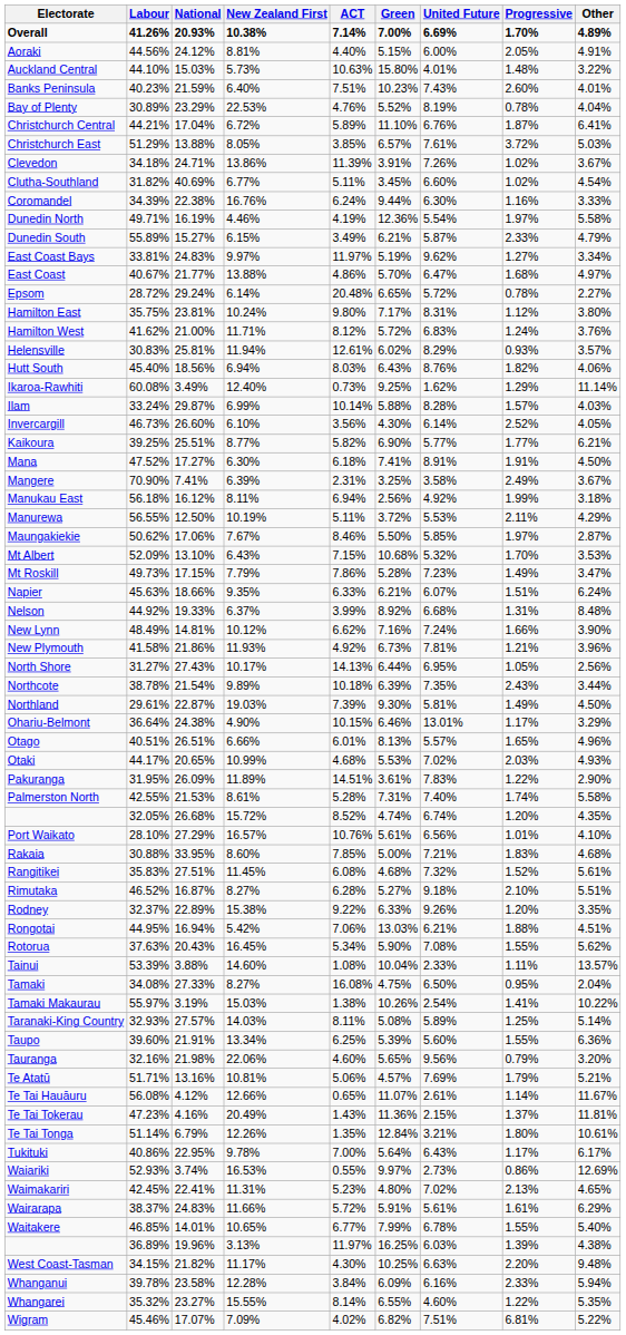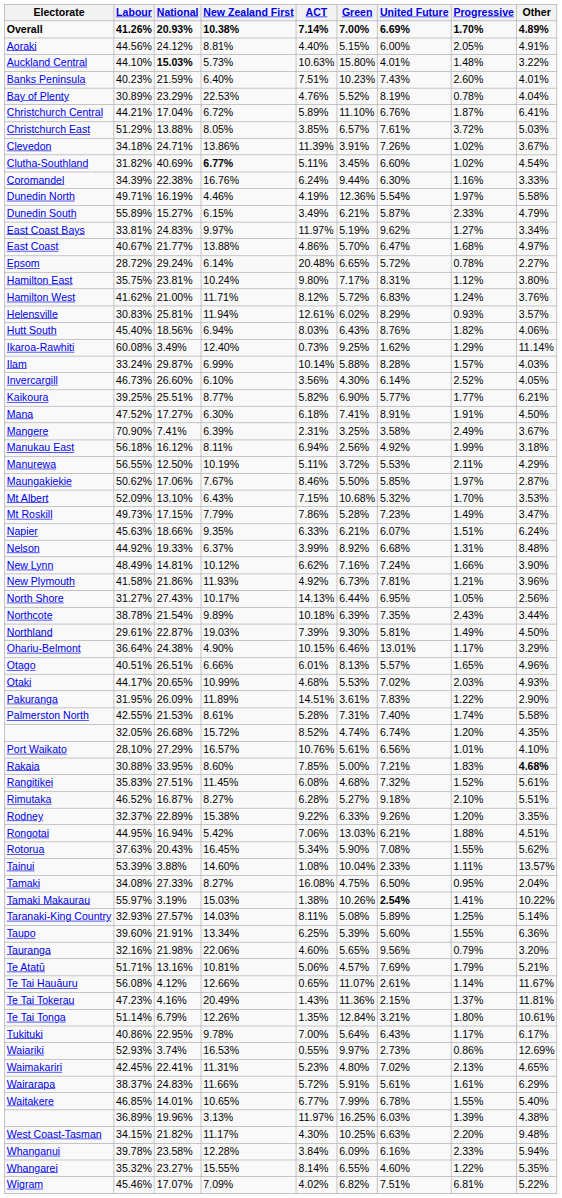 <table class="wikitable sortable">
 <tr>
 <th>Electorate</th>
 <th><a href='#'>Labour</a></th>
 <th><a href='#'>National</a></th>
 <th><a href='#'>New Zealand First</a></th>
 <th><a href='#'>ACT</a></th>
 <th><a href='#'>Green</a></th>
 <th><a href='#'>United Future</a></th>
 <th><a href='#'>Progressive</a></th>
 <th>Other</th>
 </tr>
 <tr>
 <td><strong>Overall</strong></td>
 <td><strong>41.26%</strong></td>
 <td><strong>20.93%</strong></td>
 <td><strong>10.38%</strong></td>
 <td><strong>7.14%</strong></td>
 <td><strong>7.00%</strong></td>
 <td><strong>6.69%</strong></td>
 <td><strong>1.70%</strong></td>
 <td><strong>4.89%</strong></td>
 </tr>
 <tr>
 <td><a href='#'>Aoraki</a></td>
 <td>44.56%</td>
 <td>24.12%</td>
 <td>8.81%</td>
 <td>4.40%</td>
 <td>5.15%</td>
 <td>6.00%</td>
 <td>2.05%</td>
 <td>4.91%</td>
 </tr>
 <tr>
 <td><a href='#'>Auckland Central</a></td>
 <td>44.10%</td>
-<td>15.03%</td>
+<td><strong>15.03%</strong></td>
 <td>5.73%</td>
 <td>10.63%</td>
 <td>15.80%</td>
 <td>4.01%</td>
 <td>1.48%</td>
 <td>3.22%</td>
 </tr>
 <tr>
 <td><a href='#'>Banks Peninsula</a></td>
 <td>40.23%</td>
 <td>21.59%</td>
 <td>6.40%</td>
 <td>7.51%</td>
 <td>10.23%</td>
 <td>7.43%</td>
 <td>2.60%</td>
 <td>4.01%</td>
 </tr>
 <tr>
 <td><a href='#'>Bay of Plenty</a></td>
 <td>30.89%</td>
 <td>23.29%</td>
 <td>22.53%</td>
 <td>4.76%</td>
 <td>5.52%</td>
 <td>8.19%</td>
 <td>0.78%</td>
 <td>4.04%</td>
 </tr>
 <tr>
 <td><a href='#'>Christchurch Central</a></td>
 <td>44.21%</td>
 <td>17.04%</td>
 <td>6.72%</td>
 <td>5.89%</td>
 <td>11.10%</td>
 <td>6.76%</td>
 <td>1.87%</td>
 <td>6.41%</td>
 </tr>
 <tr>
 <td><a href='#'>Christchurch East</a></td>
 <td>51.29%</td>
 <td>13.88%</td>
 <td>8.05%</td>
 <td>3.85%</td>
 <td>6.57%</td>
 <td>7.61%</td>
 <td>3.72%</td>
 <td>5.03%</td>
 </tr>
 <tr>
 <td><a href='#'>Clevedon</a></td>
 <td>34.18%</td>
 <td>24.71%</td>
 <td>13.86%</td>
 <td>11.39%</td>
 <td>3.91%</td>
 <td>7.26%</td>
 <td>1.02%</td>
 <td>3.67%</td>
 </tr>
 <tr>
 <td><a href='#'>Clutha-Southland</a></td>
 <td>31.82%</td>
 <td>40.69%</td>
-<td>6.77%</td>
+<td><strong>6.77%</strong></td>
 <td>5.11%</td>
 <td>3.45%</td>
 <td>6.60%</td>
 <td>1.02%</td>
 <td>4.54%</td>
 </tr>
 <tr>
 <td><a href='#'>Coromandel</a></td>
 <td>34.39%</td>
 <td>22.38%</td>
 <td>16.76%</td>
 <td>6.24%</td>
 <td>9.44%</td>
 <td>6.30%</td>
 <td>1.16%</td>
 <td>3.33%</td>
 </tr>
 <tr>
 <td><a href='#'>Dunedin North</a></td>
 <td>49.71%</td>
 <td>16.19%</td>
 <td>4.46%</td>
 <td>4.19%</td>
 <td>12.36%</td>
 <td>5.54%</td>
 <td>1.97%</td>
 <td>5.58%</td>
 </tr>
 <tr>
 <td><a href='#'>Dunedin South</a></td>
 <td>55.89%</td>
 <td>15.27%</td>
 <td>6.15%</td>
 <td>3.49%</td>
 <td>6.21%</td>
 <td>5.87%</td>
 <td>2.33%</td>
 <td>4.79%</td>
 </tr>
 <tr>
 <td><a href='#'>East Coast Bays</a></td>
 <td>33.81%</td>
 <td>24.83%</td>
 <td>9.97%</td>
 <td>11.97%</td>
 <td>5.19%</td>
 <td>9.62%</td>
 <td>1.27%</td>
 <td>3.34%</td>
 </tr>
 <tr>
 <td><a href='#'>East Coast</a></td>
 <td>40.67%</td>
 <td>21.77%</td>
 <td>13.88%</td>
 <td>4.86%</td>
 <td>5.70%</td>
 <td>6.47%</td>
 <td>1.68%</td>
 <td>4.97%</td>
 </tr>
 <tr>
 <td><a href='#'>Epsom</a></td>
 <td>28.72%</td>
 <td>29.24%</td>
 <td>6.14%</td>
 <td>20.48%</td>
 <td>6.65%</td>
 <td>5.72%</td>
 <td>0.78%</td>
 <td>2.27%</td>
 </tr>
 <tr>
 <td><a href='#'>Hamilton East</a></td>
 <td>35.75%</td>
 <td>23.81%</td>
 <td>10.24%</td>
 <td>9.80%</td>
 <td>7.17%</td>
 <td>8.31%</td>
 <td>1.12%</td>
 <td>3.80%</td>
 </tr>
 <tr>
 <td><a href='#'>Hamilton West</a></td>
 <td>41.62%</td>
 <td>21.00%</td>
 <td>11.71%</td>
 <td>8.12%</td>
 <td>5.72%</td>
 <td>6.83%</td>
 <td>1.24%</td>
 <td>3.76%</td>
 </tr>
 <tr>
 <td><a href='#'>Helensville</a></td>
 <td>30.83%</td>
 <td>25.81%</td>
 <td>11.94%</td>
 <td>12.61%</td>
 <td>6.02%</td>
 <td>8.29%</td>
 <td>0.93%</td>
 <td>3.57%</td>
 </tr>
 <tr>
 <td><a href='#'>Hutt South</a></td>
 <td>45.40%</td>
 <td>18.56%</td>
 <td>6.94%</td>
 <td>8.03%</td>
 <td>6.43%</td>
 <td>8.76%</td>
 <td>1.82%</td>
 <td>4.06%</td>
 </tr>
 <tr>
 <td><a href='#'>Ikaroa-Rawhiti</a></td>
 <td>60.08%</td>
 <td>3.49%</td>
 <td>12.40%</td>
 <td>0.73%</td>
 <td>9.25%</td>
 <td>1.62%</td>
 <td>1.29%</td>
 <td>11.14%</td>
 </tr>
 <tr>
 <td><a href='#'>Ilam</a></td>
 <td>33.24%</td>
 <td>29.87%</td>
 <td>6.99%</td>
 <td>10.14%</td>
 <td>5.88%</td>
 <td>8.28%</td>
 <td>1.57%</td>
 <td>4.03%</td>
 </tr>
 <tr>
 <td><a href='#'>Invercargill</a></td>
 <td>46.73%</td>
 <td>26.60%</td>
 <td>6.10%</td>
 <td>3.56%</td>
 <td>4.30%</td>
 <td>6.14%</td>
 <td>2.52%</td>
 <td>4.05%</td>
 </tr>
 <tr>
 <td><a href='#'>Kaikoura</a></td>
 <td>39.25%</td>
 <td>25.51%</td>
 <td>8.77%</td>
 <td>5.82%</td>
 <td>6.90%</td>
 <td>5.77%</td>
 <td>1.77%</td>
 <td>6.21%</td>
 </tr>
 <tr>
 <td><a href='#'>Mana</a></td>
 <td>47.52%</td>
 <td>17.27%</td>
 <td>6.30%</td>
 <td>6.18%</td>
 <td>7.41%</td>
 <td>8.91%</td>
 <td>1.91%</td>
 <td>4.50%</td>
 </tr>
 <tr>
 <td><a href='#'>Mangere</a></td>
 <td>70.90%</td>
 <td>7.41%</td>
 <td>6.39%</td>
 <td>2.31%</td>
 <td>3.25%</td>
 <td>3.58%</td>
 <td>2.49%</td>
 <td>3.67%</td>
 </tr>
 <tr>
 <td><a href='#'>Manukau East</a></td>
 <td>56.18%</td>
 <td>16.12%</td>
 <td>8.11%</td>
 <td>6.94%</td>
 <td>2.56%</td>
 <td>4.92%</td>
 <td>1.99%</td>
 <td>3.18%</td>
 </tr>
 <tr>
 <td><a href='#'>Manurewa</a></td>
 <td>56.55%</td>
 <td>12.50%</td>
 <td>10.19%</td>
 <td>5.11%</td>
 <td>3.72%</td>
 <td>5.53%</td>
 <td>2.11%</td>
 <td>4.29%</td>
 </tr>
 <tr>
 <td><a href='#'>Maungakiekie</a></td>
 <td>50.62%</td>
 <td>17.06%</td>
 <td>7.67%</td>
 <td>8.46%</td>
 <td>5.50%</td>
 <td>5.85%</td>
 <td>1.97%</td>
 <td>2.87%</td>
 </tr>
 <tr>
 <td><a href='#'>Mt Albert</a></td>
 <td>52.09%</td>
 <td>13.10%</td>
 <td>6.43%</td>
 <td>7.15%</td>
 <td>10.68%</td>
 <td>5.32%</td>
 <td>1.70%</td>
 <td>3.53%</td>
 </tr>
 <tr>
 <td><a href='#'>Mt Roskill</a></td>
 <td>49.73%</td>
 <td>17.15%</td>
 <td>7.79%</td>
 <td>7.86%</td>
 <td>5.28%</td>
 <td>7.23%</td>
 <td>1.49%</td>
 <td>3.47%</td>
 </tr>
 <tr>
 <td><a href='#'>Napier</a></td>
 <td>45.63%</td>
 <td>18.66%</td>
 <td>9.35%</td>
 <td>6.33%</td>
 <td>6.21%</td>
 <td>6.07%</td>
 <td>1.51%</td>
 <td>6.24%</td>
 </tr>
 <tr>
 <td><a href='#'>Nelson</a></td>
 <td>44.92%</td>
 <td>19.33%</td>
 <td>6.37%</td>
 <td>3.99%</td>
 <td>8.92%</td>
 <td>6.68%</td>
 <td>1.31%</td>
 <td>8.48%</td>
 </tr>
 <tr>
 <td><a href='#'>New Lynn</a></td>
 <td>48.49%</td>
 <td>14.81%</td>
 <td>10.12%</td>
 <td>6.62%</td>
 <td>7.16%</td>
 <td>7.24%</td>
 <td>1.66%</td>
 <td>3.90%</td>
 </tr>
 <tr>
 <td><a href='#'>New Plymouth</a></td>
 <td>41.58%</td>
 <td>21.86%</td>
 <td>11.93%</td>
 <td>4.92%</td>
 <td>6.73%</td>
 <td>7.81%</td>
 <td>1.21%</td>
 <td>3.96%</td>
 </tr>
 <tr>
 <td><a href='#'>North Shore</a></td>
 <td>31.27%</td>
 <td>27.43%</td>
 <td>10.17%</td>
 <td>14.13%</td>
 <td>6.44%</td>
 <td>6.95%</td>
 <td>1.05%</td>
 <td>2.56%</td>
 </tr>
 <tr>
 <td><a href='#'>Northcote</a></td>
 <td>38.78%</td>
 <td>21.54%</td>
 <td>9.89%</td>
 <td>10.18%</td>
 <td>6.39%</td>
 <td>7.35%</td>
 <td>2.43%</td>
 <td>3.44%</td>
 </tr>
 <tr>
 <td><a href='#'>Northland</a></td>
 <td>29.61%</td>
 <td>22.87%</td>
 <td>19.03%</td>
 <td>7.39%</td>
 <td>9.30%</td>
 <td>5.81%</td>
 <td>1.49%</td>
 <td>4.50%</td>
 </tr>
 <tr>
 <td><a href='#'>Ohariu-Belmont</a></td>
 <td>36.64%</td>
 <td>24.38%</td>
 <td>4.90%</td>
 <td>10.15%</td>
 <td>6.46%</td>
 <td>13.01%</td>
 <td>1.17%</td>
 <td>3.29%</td>
 </tr>
 <tr>
 <td><a href='#'>Otago</a></td>
 <td>40.51%</td>
 <td>26.51%</td>
 <td>6.66%</td>
 <td>6.01%</td>
 <td>8.13%</td>
 <td>5.57%</td>
 <td>1.65%</td>
 <td>4.96%</td>
 </tr>
 <tr>
 <td><a href='#'>Otaki</a></td>
 <td>44.17%</td>
 <td>20.65%</td>
 <td>10.99%</td>
 <td>4.68%</td>
 <td>5.53%</td>
 <td>7.02%</td>
 <td>2.03%</td>
 <td>4.93%</td>
 </tr>
 <tr>
 <td><a href='#'>Pakuranga</a></td>
 <td>31.95%</td>
 <td>26.09%</td>
 <td>11.89%</td>
 <td>14.51%</td>
 <td>3.61%</td>
 <td>7.83%</td>
 <td>1.22%</td>
 <td>2.90%</td>
 </tr>
 <tr>
 <td><a href='#'>Palmerston North</a></td>
 <td>42.55%</td>
 <td>21.53%</td>
 <td>8.61%</td>
 <td>5.28%</td>
 <td>7.31%</td>
 <td>7.40%</td>
 <td>1.74%</td>
 <td>5.58%</td>
 </tr>
 <tr>
 <td></td>
 <td>32.05%</td>
 <td>26.68%</td>
 <td>15.72%</td>
 <td>8.52%</td>
 <td>4.74%</td>
 <td>6.74%</td>
 <td>1.20%</td>
 <td>4.35%</td>
 </tr>
 <tr>
 <td><a href='#'>Port Waikato</a></td>
 <td>28.10%</td>
 <td>27.29%</td>
 <td>16.57%</td>
 <td>10.76%</td>
 <td>5.61%</td>
 <td>6.56%</td>
 <td>1.01%</td>
 <td>4.10%</td>
 </tr>
 <tr>
 <td><a href='#'>Rakaia</a></td>
 <td>30.88%</td>
 <td>33.95%</td>
 <td>8.60%</td>
 <td>7.85%</td>
 <td>5.00%</td>
 <td>7.21%</td>
 <td>1.83%</td>
-<td>4.68%</td>
+<td><strong>4.68%</strong></td>
 </tr>
 <tr>
 <td><a href='#'>Rangitikei</a></td>
 <td>35.83%</td>
 <td>27.51%</td>
 <td>11.45%</td>
 <td>6.08%</td>
 <td>4.68%</td>
 <td>7.32%</td>
 <td>1.52%</td>
 <td>5.61%</td>
 </tr>
 <tr>
 <td><a href='#'>Rimutaka</a></td>
 <td>46.52%</td>
 <td>16.87%</td>
 <td>8.27%</td>
 <td>6.28%</td>
 <td>5.27%</td>
 <td>9.18%</td>
 <td>2.10%</td>
 <td>5.51%</td>
 </tr>
 <tr>
 <td><a href='#'>Rodney</a></td>
 <td>32.37%</td>
 <td>22.89%</td>
 <td>15.38%</td>
 <td>9.22%</td>
 <td>6.33%</td>
 <td>9.26%</td>
 <td>1.20%</td>
 <td>3.35%</td>
 </tr>
 <tr>
 <td><a href='#'>Rongotai</a></td>
 <td>44.95%</td>
 <td>16.94%</td>
 <td>5.42%</td>
 <td>7.06%</td>
 <td>13.03%</td>
 <td>6.21%</td>
 <td>1.88%</td>
 <td>4.51%</td>
 </tr>
 <tr>
 <td><a href='#'>Rotorua</a></td>
 <td>37.63%</td>
 <td>20.43%</td>
 <td>16.45%</td>
 <td>5.34%</td>
 <td>5.90%</td>
 <td>7.08%</td>
 <td>1.55%</td>
 <td>5.62%</td>
 </tr>
 <tr>
 <td><a href='#'>Tainui</a></td>
 <td>53.39%</td>
 <td>3.88%</td>
 <td>14.60%</td>
 <td>1.08%</td>
 <td>10.04%</td>
 <td>2.33%</td>
 <td>1.11%</td>
 <td>13.57%</td>
 </tr>
 <tr>
 <td><a href='#'>Tamaki</a></td>
 <td>34.08%</td>
 <td>27.33%</td>
 <td>8.27%</td>
 <td>16.08%</td>
 <td>4.75%</td>
 <td>6.50%</td>
 <td>0.95%</td>
 <td>2.04%</td>
 </tr>
 <tr>
 <td><a href='#'>Tamaki Makaurau</a></td>
 <td>55.97%</td>
 <td>3.19%</td>
 <td>15.03%</td>
 <td>1.38%</td>
 <td>10.26%</td>
-<td>2.54%</td>
+<td><strong>2.54%</strong></td>
 <td>1.41%</td>
 <td>10.22%</td>
 </tr>
 <tr>
 <td><a href='#'>Taranaki-King Country</a></td>
 <td>32.93%</td>
 <td>27.57%</td>
 <td>14.03%</td>
 <td>8.11%</td>
 <td>5.08%</td>
 <td>5.89%</td>
 <td>1.25%</td>
 <td>5.14%</td>
 </tr>
 <tr>
 <td><a href='#'>Taupo</a></td>
 <td>39.60%</td>
 <td>21.91%</td>
 <td>13.34%</td>
 <td>6.25%</td>
 <td>5.39%</td>
 <td>5.60%</td>
 <td>1.55%</td>
 <td>6.36%</td>
 </tr>
 <tr>
 <td><a href='#'>Tauranga</a></td>
 <td>32.16%</td>
 <td>21.98%</td>
 <td>22.06%</td>
 <td>4.60%</td>
 <td>5.65%</td>
 <td>9.56%</td>
 <td>0.79%</td>
 <td>3.20%</td>
 </tr>
 <tr>
 <td><a href='#'>Te Atatū</a></td>
 <td>51.71%</td>
 <td>13.16%</td>
 <td>10.81%</td>
 <td>5.06%</td>
 <td>4.57%</td>
 <td>7.69%</td>
 <td>1.79%</td>
 <td>5.21%</td>
 </tr>
 <tr>
 <td><a href='#'>Te Tai Hauāuru</a></td>
 <td>56.08%</td>
 <td>4.12%</td>
 <td>12.66%</td>
 <td>0.65%</td>
 <td>11.07%</td>
 <td>2.61%</td>
 <td>1.14%</td>
 <td>11.67%</td>
 </tr>
 <tr>
 <td><a href='#'>Te Tai Tokerau</a></td>
 <td>47.23%</td>
 <td>4.16%</td>
 <td>20.49%</td>
 <td>1.43%</td>
 <td>11.36%</td>
 <td>2.15%</td>
 <td>1.37%</td>
 <td>11.81%</td>
 </tr>
 <tr>
 <td><a href='#'>Te Tai Tonga</a></td>
 <td>51.14%</td>
 <td>6.79%</td>
 <td>12.26%</td>
 <td>1.35%</td>
 <td>12.84%</td>
 <td>3.21%</td>
 <td>1.80%</td>
 <td>10.61%</td>
 </tr>
 <tr>
 <td><a href='#'>Tukituki</a></td>
 <td>40.86%</td>
 <td>22.95%</td>
 <td>9.78%</td>
 <td>7.00%</td>
 <td>5.64%</td>
 <td>6.43%</td>
 <td>1.17%</td>
 <td>6.17%</td>
 </tr>
 <tr>
 <td><a href='#'>Waiariki</a></td>
 <td>52.93%</td>
 <td>3.74%</td>
 <td>16.53%</td>
 <td>0.55%</td>
 <td>9.97%</td>
 <td>2.73%</td>
 <td>0.86%</td>
 <td>12.69%</td>
 </tr>
 <tr>
 <td><a href='#'>Waimakariri</a></td>
 <td>42.45%</td>
 <td>22.41%</td>
 <td>11.31%</td>
 <td>5.23%</td>
 <td>4.80%</td>
 <td>7.02%</td>
 <td>2.13%</td>
 <td>4.65%</td>
 </tr>
 <tr>
 <td><a href='#'>Wairarapa</a></td>
 <td>38.37%</td>
 <td>24.83%</td>
 <td>11.66%</td>
 <td>5.72%</td>
 <td>5.91%</td>
 <td>5.61%</td>
 <td>1.61%</td>
 <td>6.29%</td>
 </tr>
 <tr>
 <td><a href='#'>Waitakere</a></td>
 <td>46.85%</td>
 <td>14.01%</td>
 <td>10.65%</td>
 <td>6.77%</td>
 <td>7.99%</td>
 <td>6.78%</td>
 <td>1.55%</td>
 <td>5.40%</td>
 </tr>
 <tr>
 <td></td>
 <td>36.89%</td>
 <td>19.96%</td>
 <td>3.13%</td>
 <td>11.97%</td>
 <td>16.25%</td>
 <td>6.03%</td>
 <td>1.39%</td>
 <td>4.38%</td>
 </tr>
 <tr>
 <td><a href='#'>West Coast-Tasman</a></td>
 <td>34.15%</td>
 <td>21.82%</td>
 <td>11.17%</td>
 <td>4.30%</td>
 <td>10.25%</td>
 <td>6.63%</td>
 <td>2.20%</td>
 <td>9.48%</td>
 </tr>
 <tr>
 <td><a href='#'>Whanganui</a></td>
 <td>39.78%</td>
 <td>23.58%</td>
 <td>12.28%</td>
 <td>3.84%</td>
 <td>6.09%</td>
 <td>6.16%</td>
 <td>2.33%</td>
 <td>5.94%</td>
 </tr>
 <tr>
 <td><a href='#'>Whangarei</a></td>
 <td>35.32%</td>
 <td>23.27%</td>
 <td>15.55%</td>
 <td>8.14%</td>
 <td>6.55%</td>
 <td>4.60%</td>
 <td>1.22%</td>
 <td>5.35%</td>
 </tr>
 <tr>
 <td><a href='#'>Wigram</a></td>
 <td>45.46%</td>
 <td>17.07%</td>
 <td>7.09%</td>
 <td>4.02%</td>
 <td>6.82%</td>
 <td>7.51%</td>
 <td>6.81%</td>
 <td>5.22%</td>
 </tr>
 </table>
